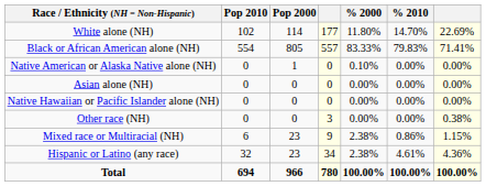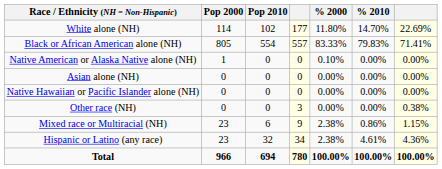 <table class="wikitable" style="text-align:center;">
 <tr>
 <th>Race / Ethnicity <small>(<em>NH = Non-Hispanic</em>)</small></th>
+<th>Pop 2000</th>
 <th>Pop 2010</th>
-<th>Pop 2000</th>
 <th></th>
 <th>% 2000</th>
 <th>% 2010</th>
 <th></th>
 </tr>
 <tr>
 <td><a href='#'>White</a> alone (NH)</td>
+<td>114</td>
 <td>102</td>
-<td>114</td>
 <td style='background: #ffffe6;'>177</td>
 <td>11.80%</td>
 <td>14.70%</td>
 <td style='background: #ffffe6;'>22.69%</td>
 </tr>
 <tr>
 <td><a href='#'>Black or African American</a> alone (NH)</td>
+<td>805</td>
 <td>554</td>
-<td>805</td>
 <td style='background: #ffffe6;'>557</td>
 <td>83.33%</td>
 <td>79.83%</td>
 <td style='background: #ffffe6;'>71.41%</td>
 </tr>
 <tr>
 <td><a href='#'>Native American</a> or <a href='#'>Alaska Native</a> alone (NH)</td>
+<td>1</td>
 <td>0</td>
-<td>1</td>
 <td style='background: #ffffe6;'>0</td>
 <td>0.10%</td>
 <td>0.00%</td>
 <td style='background: #ffffe6;'>0.00%</td>
 </tr>
 <tr>
 <td><a href='#'>Asian</a> alone (NH)</td>
 <td>0</td>
 <td>0</td>
 <td style='background: #ffffe6;'>0</td>
 <td>0.00%</td>
 <td>0.00%</td>
 <td style='background: #ffffe6;'>0.00%</td>
 </tr>
 <tr>
 <td><a href='#'>Native Hawaiian</a> or <a href='#'>Pacific Islander</a> alone (NH)</td>
 <td>0</td>
 <td>0</td>
 <td style='background: #ffffe6;'>0</td>
 <td>0.00%</td>
 <td>0.00%</td>
 <td style='background: #ffffe6;'>0.00%</td>
 </tr>
 <tr>
 <td><a href='#'>Other race</a> (NH)</td>
 <td>0</td>
 <td>0</td>
 <td style='background: #ffffe6;'>3</td>
 <td>0.00%</td>
 <td>0.00%</td>
 <td style='background: #ffffe6;'>0.38%</td>
 </tr>
 <tr>
 <td><a href='#'>Mixed race or Multiracial</a> (NH)</td>
+<td>23</td>
 <td>6</td>
-<td>23</td>
 <td style='background: #ffffe6;'>9</td>
 <td>2.38%</td>
 <td>0.86%</td>
 <td style='background: #ffffe6;'>1.15%</td>
 </tr>
 <tr>
 <td><a href='#'>Hispanic or Latino</a> (any race)</td>
+<td>23</td>
 <td>32</td>
-<td>23</td>
 <td style='background: #ffffe6;'>34</td>
 <td>2.38%</td>
 <td>4.61%</td>
 <td style='background: #ffffe6;'>4.36%</td>
 </tr>
 <tr>
 <td><strong>Total</strong></td>
+<td><strong>966</strong></td>
 <td><strong>694</strong></td>
-<td><strong>966</strong></td>
 <td style='background: #ffffe6;'><strong>780</strong></td>
 <td><strong>100.00%</strong></td>
 <td><strong>100.00%</strong></td>
 <td style='background: #ffffe6;'><strong>100.00%</strong></td>
 </tr>
 </table>
